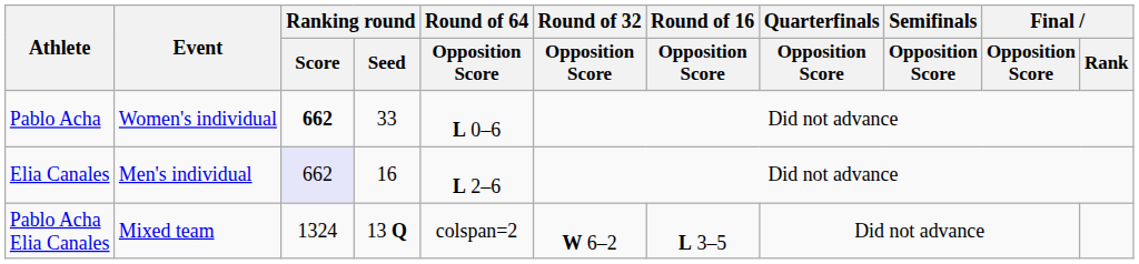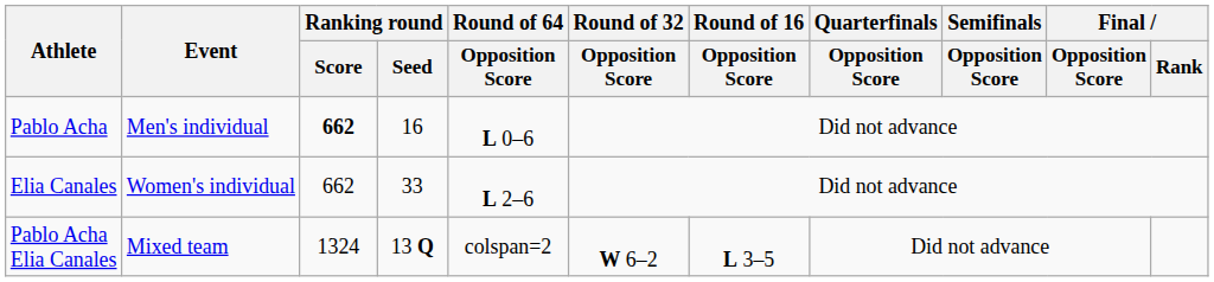 <table class="wikitable" style="font-size:90%; text-align:center">
 <tr>
 <th rowspan=2>Athlete</th>
 <th rowspan=2>Event</th>
 <th colspan="2">Ranking round</th>
 <th>Round of 64</th>
 <th>Round of 32</th>
 <th>Round of 16</th>
 <th>Quarterfinals</th>
 <th>Semifinals</th>
 <th colspan="2">Final / </th>
 </tr>
 <tr style="font-size:95%">
 <th>Score</th>
 <th>Seed</th>
 <th>Opposition<br>Score</th>
 <th>Opposition<br>Score</th>
 <th>Opposition<br>Score</th>
 <th>Opposition<br>Score</th>
 <th>Opposition<br>Score</th>
 <th>Opposition<br>Score</th>
 <th>Rank</th>
 </tr>
 <tr align=center>
 <td align=left><a href='#'>Pablo Acha</a></td>
-<td align=left><a href='#'>Women's individual</a></td>
+<td align=left><a href='#'>Men's individual</a></td>
 <td><strong>662</strong></td>
-<td>33</td>
+<td>16</td>
 <td><br><strong>L</strong> 0–6</td>
 <td colspan="6">Did not advance</td>
 </tr>
 <tr align=center>
 <td align=left><a href='#'>Elia Canales</a></td>
-<td align=left><a href='#'>Men's individual</a></td>
-<td style="background: lavender;">662</td>
-<td>16</td>
+<td align=left><a href='#'>Women's individual</a></td>
+<td>662</td>
+<td>33</td>
 <td><br><strong>L</strong> 2–6</td>
 <td colspan="6">Did not advance</td>
 </tr>
 <tr align=center>
 <td align=left><a href='#'>Pablo Acha</a><br><a href='#'>Elia Canales</a></td>
 <td align=left><a href='#'>Mixed team</a></td>
 <td>1324</td>
 <td>13 <strong>Q</strong></td>
 <td>colspan=2 </td>
 <td><br><strong>W</strong> 6–2</td>
 <td><br><strong>L</strong> 3–5</td>
 <td colspan=3>Did not advance</td>
 </tr>
 </table>
